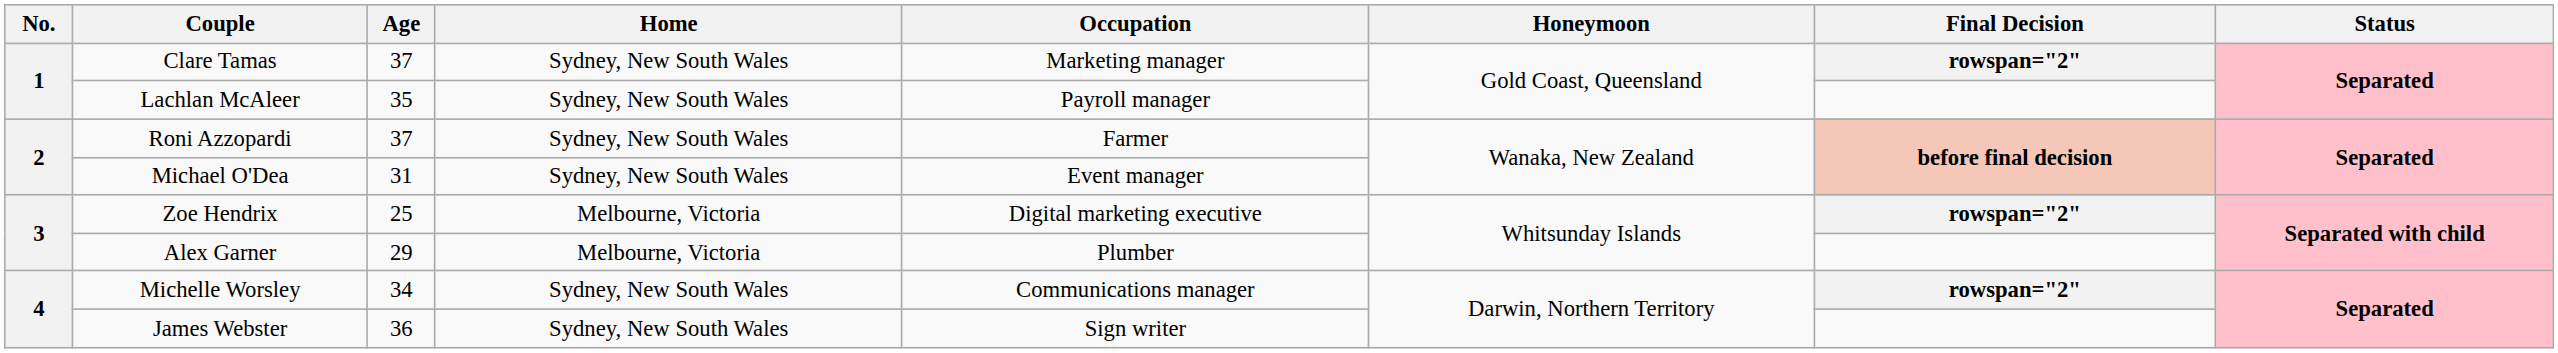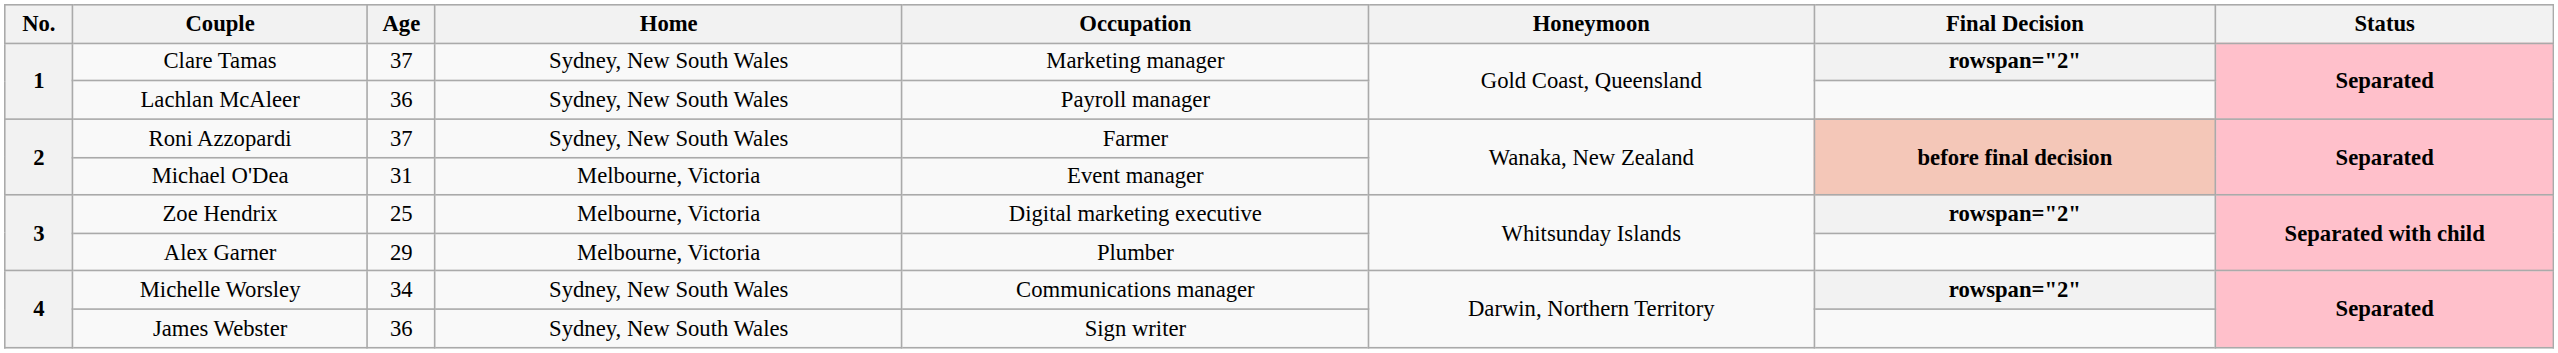 <table class="wikitable plainrowheaders" style="text-align:center; width:100%; font-size:88%;">
 <tr>
 <th width=25>No.</th>
 <th width=130>Couple</th>
 <th width=25>Age</th>
 <th width=210>Home</th>
 <th width=210>Occupation</th>
 <th width=200>Honeymoon</th>
 <th width=180>Final Decision</th>
 <th width=150>Status</th>
 </tr>
 <tr>
 <th rowspan="2">1</th>
 <td>Clare Tamas</td>
 <td>37</td>
 <td>Sydney, New South Wales</td>
 <td>Marketing manager</td>
 <td rowspan="2">Gold Coast, Queensland</td>
 <th>rowspan="2" </th>
 <th rowspan="2" style="background:pink;">Separated</th>
 </tr>
 <tr>
 <td>Lachlan McAleer</td>
-<td>35</td>
+<td>36</td>
 <td>Sydney, New South Wales</td>
 <td>Payroll manager</td>
 </tr>
 <tr>
 <th rowspan="2">2</th>
 <td>Roni Azzopardi</td>
 <td>37</td>
 <td>Sydney, New South Wales</td>
 <td>Farmer</td>
 <td rowspan="2">Wanaka, New Zealand</td>
 <th rowspan="2" style="background:#f4c7b8;"> before final decision</th>
 <th rowspan="2" style="background:pink;">Separated</th>
 </tr>
 <tr>
 <td>Michael O'Dea</td>
 <td>31</td>
-<td>Sydney, New South Wales</td>
+<td>Melbourne, Victoria</td>
 <td>Event manager</td>
 </tr>
 <tr>
 <th rowspan="2">3</th>
 <td>Zoe Hendrix</td>
 <td>25</td>
 <td>Melbourne, Victoria</td>
 <td>Digital marketing executive</td>
 <td rowspan="2">Whitsunday Islands</td>
 <th>rowspan="2" </th>
 <th rowspan="2" style="background:pink;">Separated with child</th>
 </tr>
 <tr>
 <td>Alex Garner</td>
 <td>29</td>
 <td>Melbourne, Victoria</td>
 <td>Plumber</td>
 </tr>
 <tr>
 <th rowspan="2">4</th>
 <td>Michelle Worsley</td>
 <td>34</td>
 <td>Sydney, New South Wales</td>
 <td>Communications manager</td>
 <td rowspan="2">Darwin, Northern Territory</td>
 <th>rowspan="2" </th>
 <th rowspan="2" style="background:pink;">Separated</th>
 </tr>
 <tr>
 <td>James Webster</td>
 <td>36</td>
 <td>Sydney, New South Wales</td>
 <td>Sign writer</td>
 </tr>
 </table>
